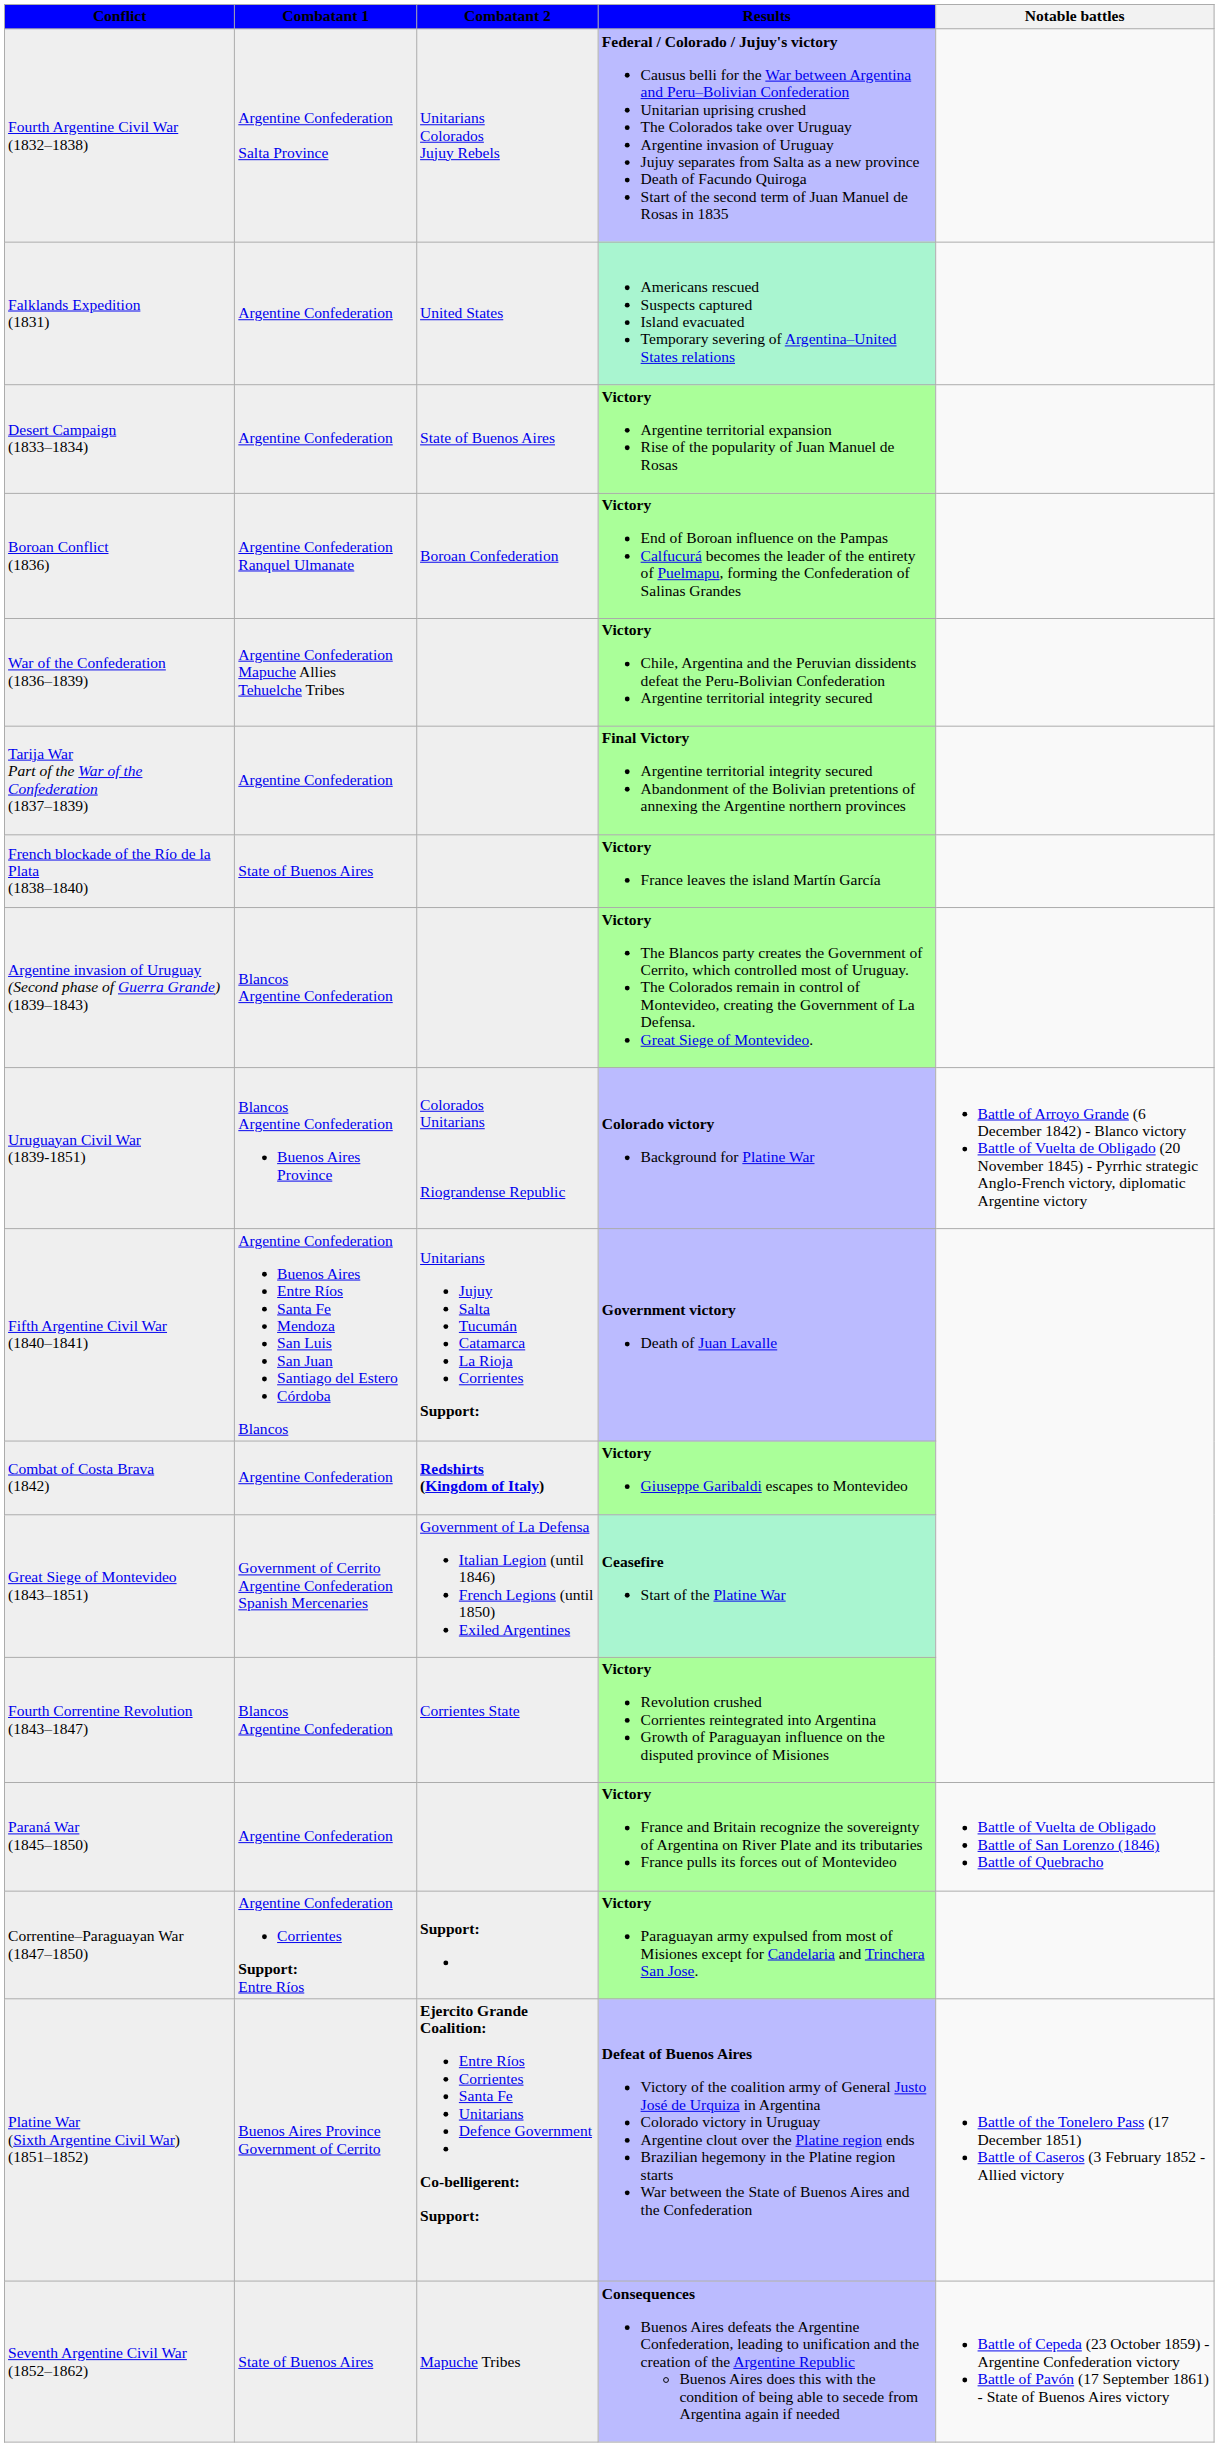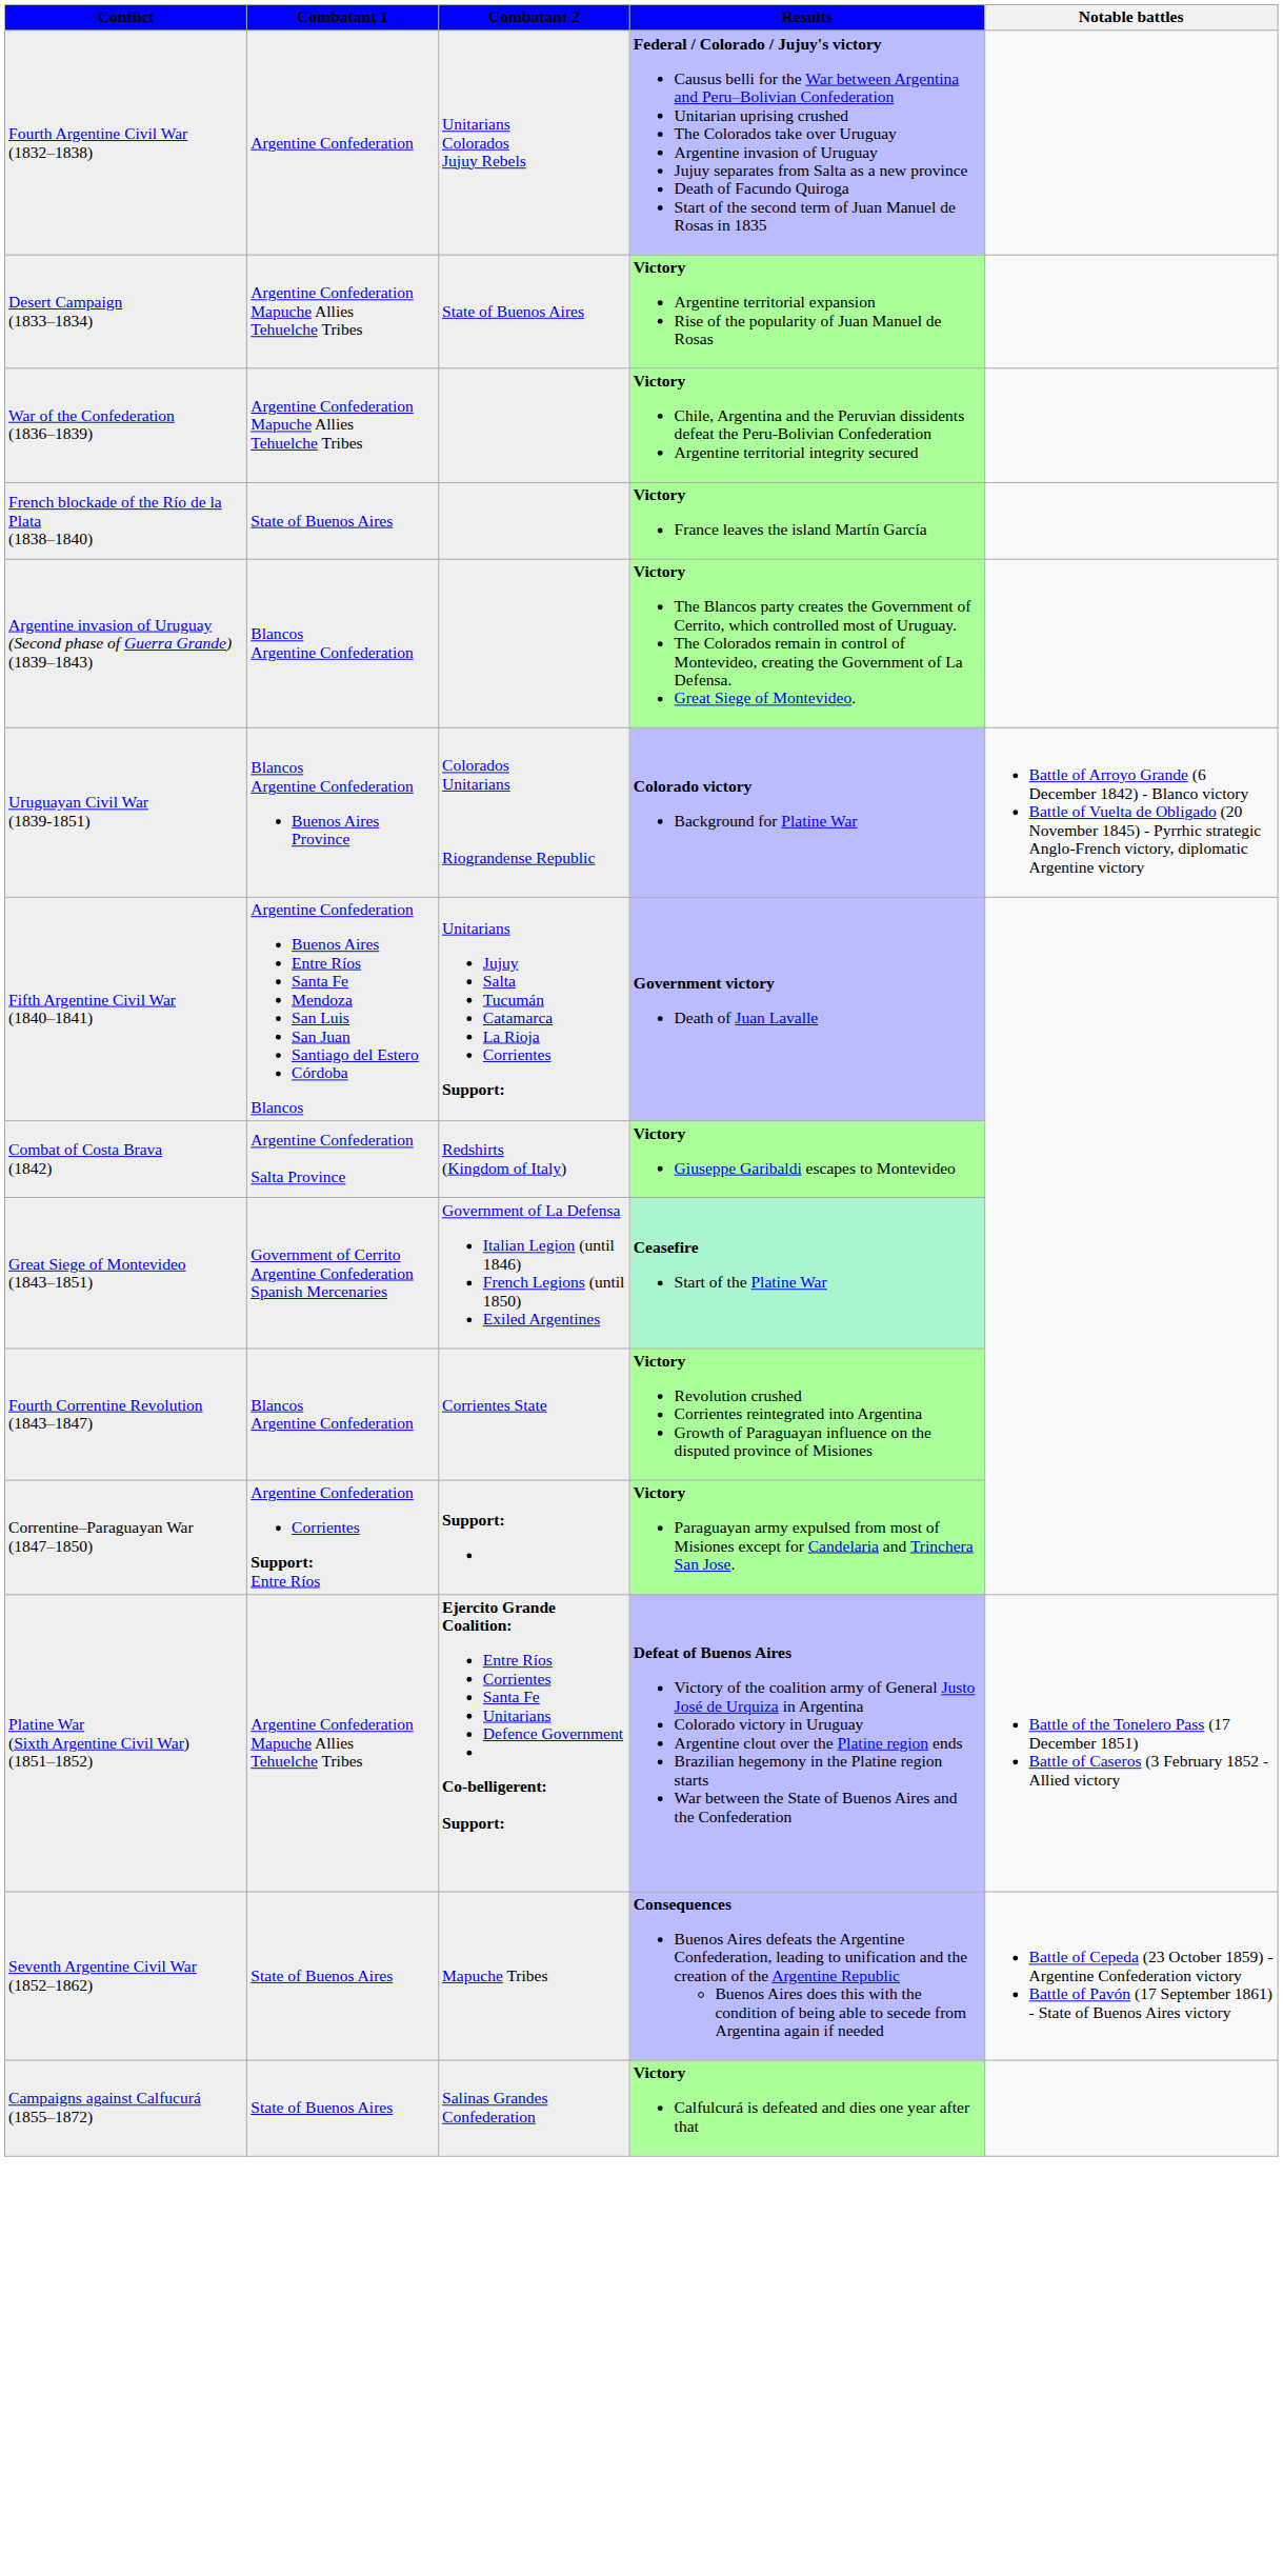 <table class="wikitable">
 <tr>
 <th style="background-color:blue;" rowspan="1" width=230px><span>Conflict</span></th>
 <th style="background-color:blue;" rowspan="1" width=180px><span>Combatant 1</span></th>
 <th style="background-color:blue;" rowspan="1" width=180px><span>Combatant 2</span></th>
 <th style="background-color:blue;" rowspan="1" width=340px><span>Results</span></th>
 <th>Notable battles</th>
 </tr>
 <tr>
 <td style="background:#efefef"><a href='#'>Fourth Argentine Civil War</a><br>(1832–1838)</td>
-<td style="background:#efefef"> <a href='#'>Argentine Confederation</a><br> <br> <a href='#'>Salta Province</a></td>
+<td style="background:#efefef"> <a href='#'>Argentine Confederation</a></td>
 <td style="background:#efefef"> <a href='#'>Unitarians</a><br> <a href='#'>Colorados</a> <br> <a href='#'>Jujuy Rebels</a></td>
 <td style="background:#BBF"><strong>Federal / Colorado / Jujuy's victory</strong><br><ul><li>Causus belli for the <a href='#'>War between Argentina and Peru–Bolivian Confederation</a></li><li>Unitarian uprising crushed</li><li>The Colorados take over Uruguay</li><li>Argentine invasion of Uruguay</li><li>Jujuy separates from Salta as a new province</li><li>Death of Facundo Quiroga</li><li>Start of the second term of Juan Manuel de Rosas in 1835</li></ul></td>
 <td></td>
 </tr>
 <tr>
-<td style="background:#efefef"><a href='#'>Falklands Expedition</a><br>(1831)</td>
-<td style="background:#efefef"> <a href='#'>Argentine Confederation</a></td>
-<td style="background:#efefef"> <a href='#'>United States</a></td>
-<td style="background:#A9F5D0"><br><ul><li>Americans rescued</li><li>Suspects captured</li><li>Island evacuated</li><li>Temporary severing of <a href='#'>Argentina–United States relations</a></li></ul></td>
-<td></td>
-</tr>
-<tr>
 <td style="background:#efefef"><a href='#'>Desert Campaign</a><br>(1833–1834)</td>
-<td style="background:#efefef"> <a href='#'>Argentine Confederation</a></td>
+<td style="background:#efefef"> <a href='#'>Argentine Confederation</a><br> <a href='#'>Mapuche</a> Allies<br> <a href='#'>Tehuelche</a> Tribes</td>
 <td style="background:#efefef"> <a href='#'>State of Buenos Aires</a></td>
 <td style="background:#AF9"><strong>Victory</strong><br><ul><li>Argentine territorial expansion</li><li>Rise of the popularity of Juan Manuel de Rosas</li></ul></td>
-<td></td>
-</tr>
-<tr>
-<td style="background:#efefef"><a href='#'>Boroan Conflict</a><br>(1836)</td>
-<td style="background:#efefef"> <a href='#'>Argentine Confederation</a><br> <a href='#'>Ranquel Ulmanate</a></td>
-<td style="background:#efefef"> <a href='#'>Boroan Confederation</a></td>
-<td style="background:#AF9"><strong>Victory</strong><br><ul><li>End of Boroan influence on the Pampas</li><li><a href='#'>Calfucurá</a> becomes the leader of the entirety of <a href='#'>Puelmapu</a>, forming the Confederation of Salinas Grandes</li></ul></td>
 <td></td>
 </tr>
 <tr>
 <td style="background:#efefef"><a href='#'>War of the Confederation</a><br>(1836–1839)</td>
 <td style="background:#efefef"> <a href='#'>Argentine Confederation</a><br> <a href='#'>Mapuche</a> Allies<br> <a href='#'>Tehuelche</a> Tribes</td>
 <td style="background:#efefef"></td>
 <td style="background:#AF9"><strong>Victory</strong><br><ul><li>Chile, Argentina and the Peruvian dissidents defeat the Peru-Bolivian Confederation</li><li>Argentine territorial integrity secured</li></ul></td>
-<td></td>
-</tr>
-<tr>
-<td style="background:#efefef"><a href='#'>Tarija War</a><br><em>Part of the <a href='#'>War of the Confederation</a></em><br>(1837–1839)</td>
-<td style="background:#efefef"> <a href='#'>Argentine Confederation</a></td>
-<td style="background:#efefef"></td>
-<td style="background:#AF9"><strong>Final Victory</strong><br><ul><li>Argentine territorial integrity secured</li><li>Abandonment of the Bolivian pretentions of annexing the Argentine northern provinces</li></ul></td>
 <td></td>
 </tr>
 <tr>
 <td style="background:#efefef"><a href='#'>French blockade of the Río de la Plata</a><br>(1838–1840)</td>
 <td style="background:#efefef"> <a href='#'>State of Buenos Aires</a> <br> </td>
 <td style="background:#efefef"></td>
 <td style="background:#AF9"><strong>Victory</strong><br><ul><li>France leaves the island Martín García</li></ul></td>
 <td></td>
 </tr>
 <tr>
 <td style="background:#efefef"><a href='#'>Argentine invasion of Uruguay</a><br><em>(Second phase of <a href='#'>Guerra Grande</a>)</em><br>(1839–1843)</td>
 <td style="background:#efefef"> <a href='#'>Blancos</a><br> <a href='#'>Argentine Confederation</a></td>
 <td style="background:#efefef"></td>
 <td style="background:#AF9"><strong>Victory</strong><br><ul><li>The Blancos party creates the Government of Cerrito, which controlled most of Uruguay.</li><li>The Colorados remain in control of Montevideo, creating the Government of La Defensa.</li><li><a href='#'>Great Siege of Montevideo</a>.</li></ul></td>
 <td></td>
 </tr>
 <tr>
 <td style="background:#efefef"><a href='#'>Uruguayan Civil War</a><br>(1839-1851)</td>
 <td style="background:#efefef"> <a href='#'>Blancos</a><br> <a href='#'>Argentine Confederation</a><ul><li> <a href='#'>Buenos Aires Province</a></li></ul></td>
 <td style="background:#efefef"> <a href='#'>Colorados</a><br> <a href='#'>Unitarians</a><br><br><br><br> <a href='#'>Riograndense Republic</a></td>
 <td style="background:#BBF"><strong>Colorado victory</strong><br><ul><li>Background for <a href='#'>Platine War</a></li></ul></td>
 <td><br><ul><li><a href='#'>Battle of Arroyo Grande</a> (6 December 1842) - Blanco victory</li><li><a href='#'>Battle of Vuelta de Obligado</a> (20 November 1845) - Pyrrhic strategic Anglo-French victory, diplomatic Argentine victory</li></ul></td>
 </tr>
 <tr>
 <td style="background:#efefef"><a href='#'>Fifth Argentine Civil War</a><br>(1840–1841)</td>
 <td style="background:#efefef"> <a href='#'>Argentine Confederation</a><br><ul><li> <a href='#'>Buenos Aires</a></li><li> <a href='#'>Entre Ríos</a></li><li> <a href='#'>Santa Fe</a></li><li> <a href='#'>Mendoza</a></li><li> <a href='#'>San Luis</a></li><li> <a href='#'>San Juan</a></li><li> <a href='#'>Santiago del Estero</a></li><li> <a href='#'>Córdoba</a></li></ul> <a href='#'>Blancos</a></td>
 <td style="background:#efefef"> <a href='#'>Unitarians</a><br><ul><li> <a href='#'>Jujuy</a></li><li> <a href='#'>Salta</a></li><li> <a href='#'>Tucumán</a></li><li> <a href='#'>Catamarca</a></li><li> <a href='#'>La Rioja</a></li><li> <a href='#'>Corrientes</a></li></ul><strong>Support:</strong><br> </td>
 <td style="background:#BBF"><strong>Government victory</strong><br><ul><li>Death of <a href='#'>Juan Lavalle</a></li></ul></td>
 </tr>
 <tr>
 <td style="background:#efefef"><a href='#'>Combat of Costa Brava</a><br>(1842)</td>
-<td style="background:#efefef"> <a href='#'>Argentine Confederation</a></td>
-<td style="background:#efefef"><strong> <a href='#'>Redshirts</a><br>(<a href='#'>Kingdom of Italy</a>)</strong></td>
+<td style="background:#efefef"> <a href='#'>Argentine Confederation</a><br> <br> <a href='#'>Salta Province</a></td>
+<td style="background:#efefef"> <a href='#'>Redshirts</a><br>(<a href='#'>Kingdom of Italy</a>)</td>
 <td style="background:#AF9"><strong>Victory</strong><br><ul><li><a href='#'>Giuseppe Garibaldi</a> escapes to Montevideo</li></ul></td>
 </tr>
 <tr>
 <td style="background:#efefef"><a href='#'>Great Siege of Montevideo</a><br>(1843–1851)</td>
 <td style="background:#efefef"> <a href='#'>Government of Cerrito</a><br> <a href='#'>Argentine Confederation</a><br> <a href='#'>Spanish Mercenaries</a></td>
 <td style="background:#efefef"> <a href='#'>Government of La Defensa</a><br><ul><li> <a href='#'>Italian Legion</a> (until 1846)</li><li> <a href='#'>French Legions</a> (until 1850)</li><li> <a href='#'>Exiled Argentines</a></li></ul></td>
 <td style="background:#A9F5D0"><strong>Ceasefire</strong><br><ul><li>Start of the <a href='#'>Platine War</a></li></ul></td>
 </tr>
 <tr>
 <td style="background:#efefef"><a href='#'>Fourth Correntine Revolution</a><br>(1843–1847)</td>
 <td style="background:#efefef"> <a href='#'>Blancos</a><br> <a href='#'>Argentine Confederation</a></td>
 <td style="background:#efefef"> <a href='#'>Corrientes State</a><br><br></td>
 <td style="background:#AF9"><strong>Victory</strong><br><ul><li>Revolution crushed</li><li>Corrientes reintegrated into Argentina</li><li>Growth of Paraguayan influence on the disputed province of Misiones</li></ul></td>
 </tr>
 <tr>
-<td style="background:#efefef"><a href='#'>Paraná War</a><br>(1845–1850)</td>
-<td style="background:#efefef"> <a href='#'>Argentine Confederation</a></td>
-<td style="background:#efefef"><br></td>
-<td style="background:#AF9"><strong>Victory</strong><br><ul><li>France and Britain recognize the sovereignty of Argentina on River Plate and its tributaries</li><li>France pulls its forces out of Montevideo</li></ul></td>
-<td><br><ul><li><a href='#'>Battle of Vuelta de Obligado</a></li><li><a href='#'>Battle of San Lorenzo (1846)</a></li><li><a href='#'>Battle of Quebracho</a></li></ul></td>
-</tr>
-<tr>
 <td style="background:#efefef">Correntine–Paraguayan War<br>(1847–1850)</td>
 <td style="background:#efefef"> <a href='#'>Argentine Confederation</a><br><ul><li> <a href='#'>Corrientes</a></li></ul><strong>Support:</strong><br> <a href='#'>Entre Ríos</a></td>
 <td style="background:#efefef"><br><strong>Support:</strong><ul><li></li></ul></td>
 <td style="background:#AF9"><strong>Victory</strong><br><ul><li>Paraguayan army expulsed from most of Misiones except for <a href='#'>Candelaria</a> and <a href='#'>Trinchera San Jose</a>.</li></ul></td>
 </tr>
 <tr>
 <td style="background:#efefef"><a href='#'>Platine War</a><br>(<a href='#'>Sixth Argentine Civil War</a>)<br>(1851–1852)</td>
-<td style="background:#efefef"> <a href='#'>Buenos Aires Province</a><br> <a href='#'>Government of Cerrito</a></td>
+<td style="background:#efefef"> <a href='#'>Argentine Confederation</a><br> <a href='#'>Mapuche</a> Allies<br> <a href='#'>Tehuelche</a> Tribes</td>
 <td style="background:#efefef"><strong>Ejercito Grande Coalition:</strong><br><ul><li> <a href='#'>Entre Ríos</a></li><li> <a href='#'>Corrientes</a></li><li> <a href='#'>Santa Fe</a></li><li> <a href='#'>Unitarians</a></li><li> <a href='#'>Defence Government</a></li><li></li></ul><strong>Co-belligerent:</strong><br> <br><strong>Support:</strong><br><br><br><br> </td>
 <td style="background:#BBF"><strong>Defeat of Buenos Aires</strong><br><ul><li>Victory of the coalition army of General <a href='#'>Justo José de Urquiza</a> in Argentina</li><li>Colorado victory in Uruguay</li><li>Argentine clout over the <a href='#'>Platine region</a> ends</li><li>Brazilian hegemony in the Platine region starts</li><li>War between the State of Buenos Aires and the Confederation</li></ul></td>
 <td><br><ul><li><a href='#'>Battle of the Tonelero Pass</a> (17 December 1851)</li><li><a href='#'>Battle of Caseros</a> (3 February 1852 - Allied victory</li></ul></td>
 </tr>
 <tr>
 <td style="background:#efefef"><a href='#'>Seventh Argentine Civil War</a><br>(1852–1862)</td>
 <td style="background:#efefef"> <a href='#'>State of Buenos Aires</a> <br> </td>
 <td style="background:#efefef"> <a href='#'>Mapuche</a> Tribes</td>
 <td style="background:#BBF"><strong>Consequences</strong><br><ul><li>Buenos Aires defeats the Argentine Confederation, leading to unification and the creation of the <a href='#'>Argentine Republic</a><ul><li>Buenos Aires does this with the condition of being able to secede from Argentina again if needed</li></ul></li></ul></td>
 <td><br><ul><li><a href='#'>Battle of Cepeda</a> (23 October 1859) - Argentine Confederation victory</li><li><a href='#'>Battle of Pavón</a> (17 September 1861) - State of Buenos Aires victory</li></ul></td>
 </tr>
+<tr>
+<td style="background:#efefef"><a href='#'>Campaigns against Calfucurá</a><br>(1855–1872)</td>
+<td style="background:#efefef"> <a href='#'>State of Buenos Aires</a> <br> </td>
+<td style="background:#efefef"> <a href='#'>Salinas Grandes Confederation</a></td>
+<td style="background:#AF9"><strong>Victory</strong><br><ul><li>Calfulcurá is defeated and dies one year after that</li></ul></td>
+<td></td>
+</tr>
 </table>
